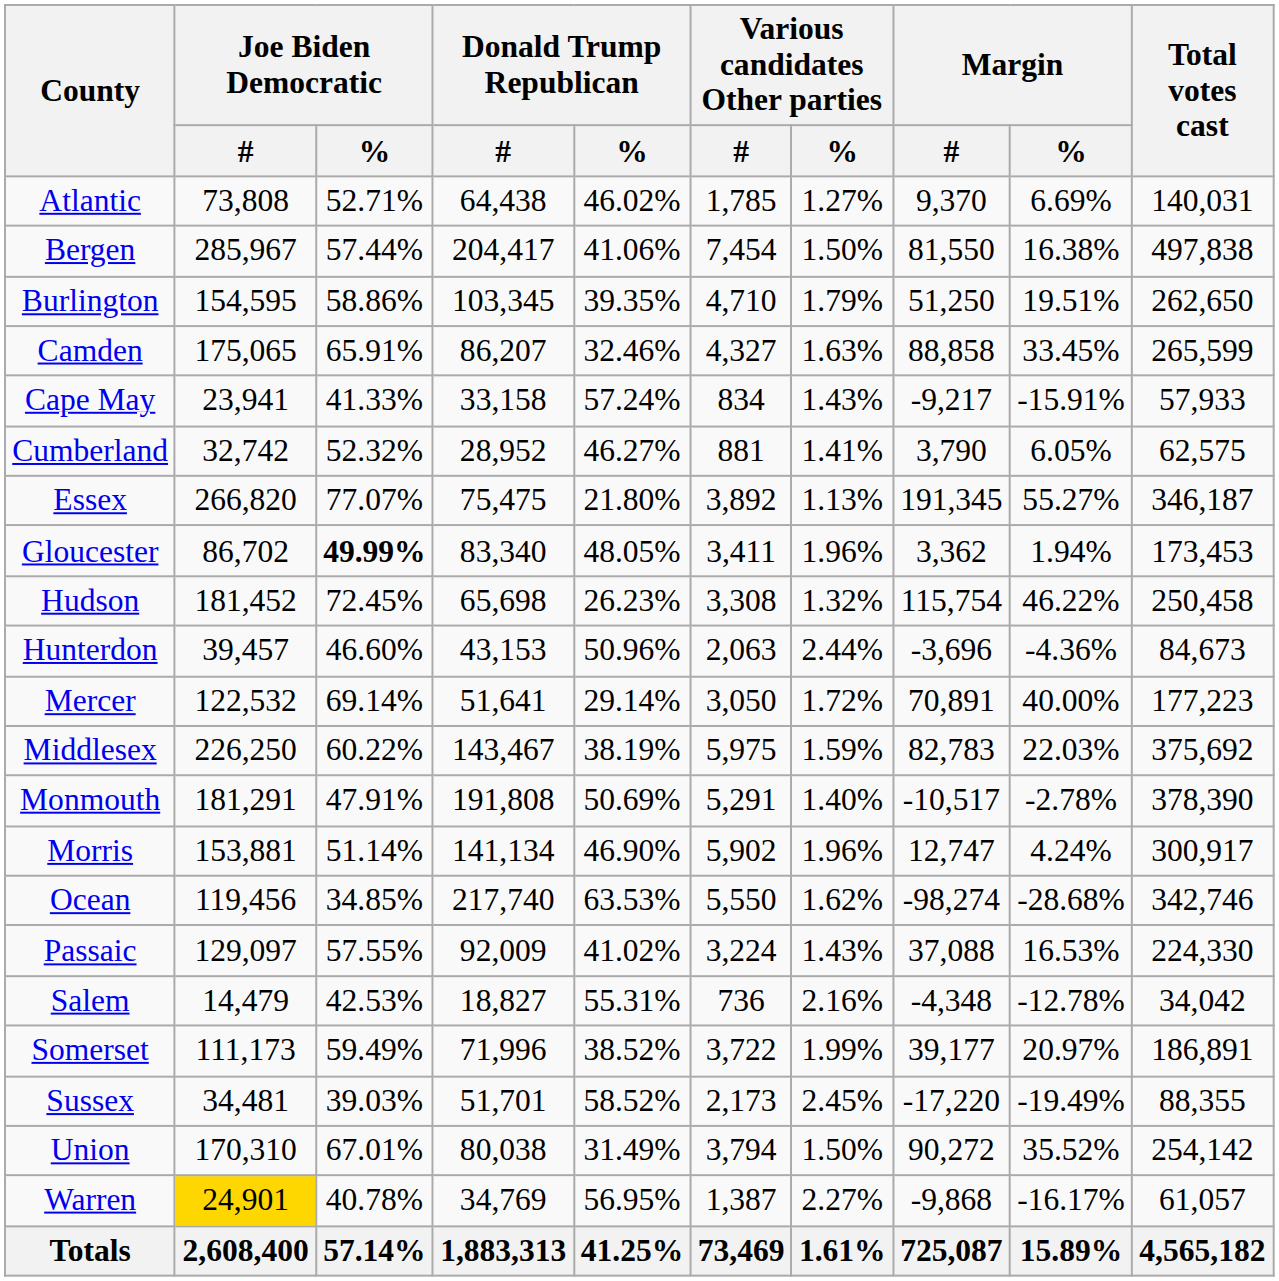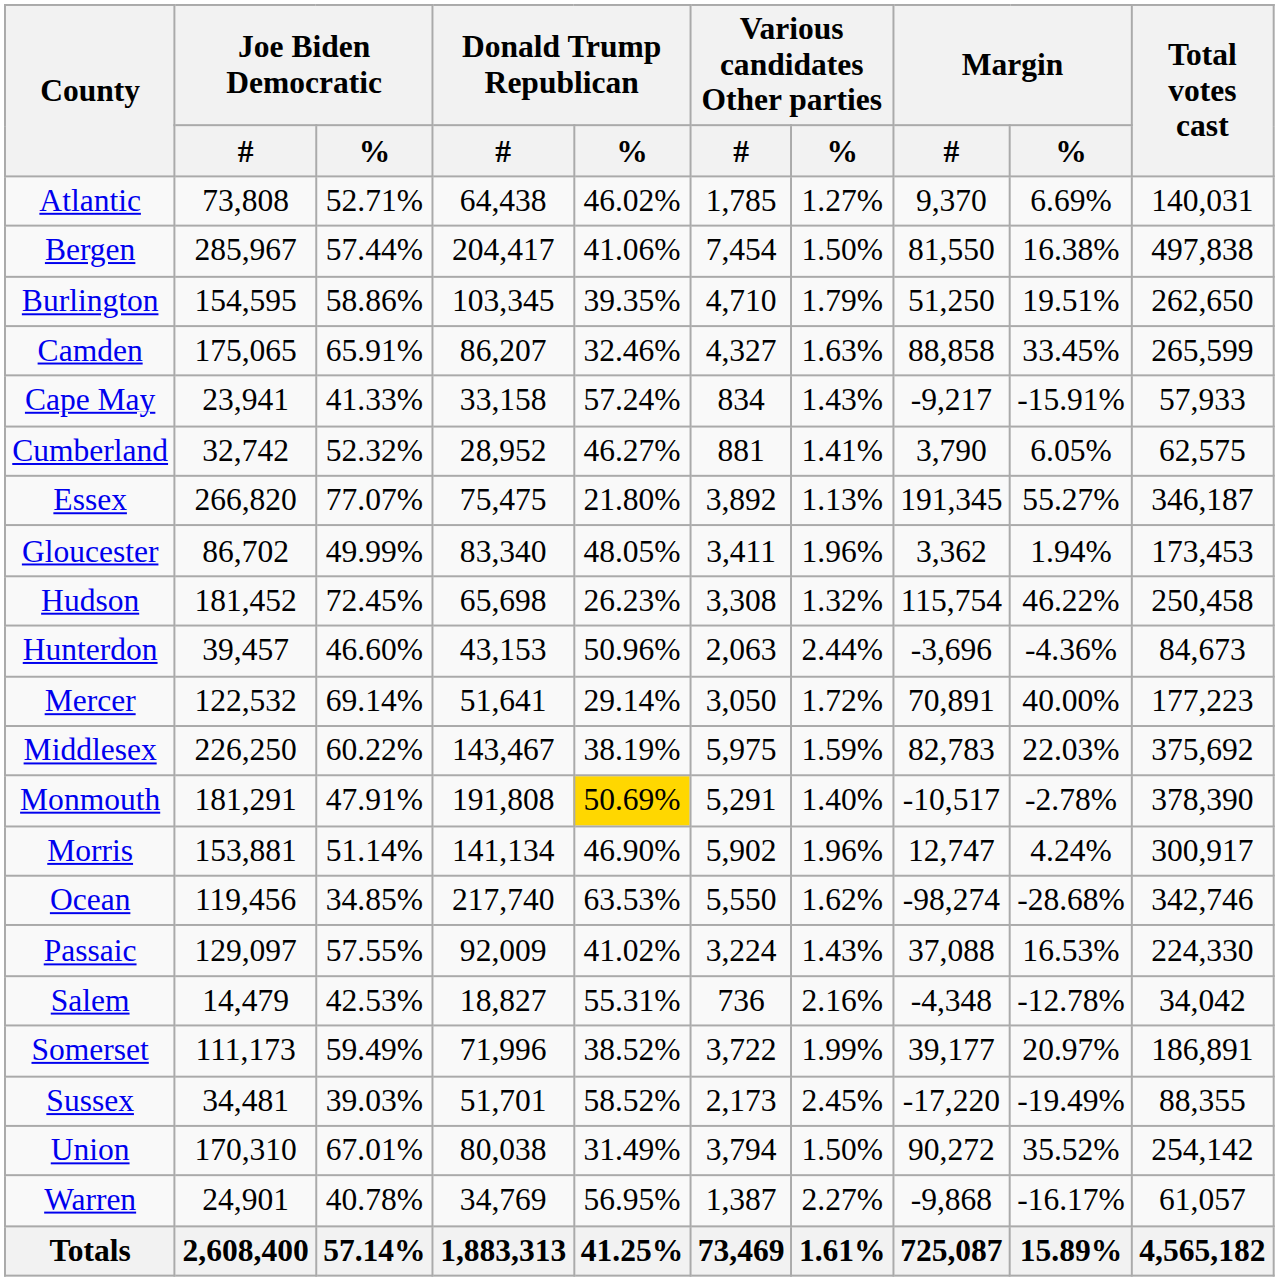 <table width="60%"  class="wikitable sortable" style="text-align:center">
 <tr>
 <th style="text-align:center;" rowspan="2">County</th>
 <th style="text-align:center;" colspan="2">Joe Biden<br>Democratic</th>
 <th style="text-align:center;" colspan="2">Donald Trump<br>Republican</th>
 <th style="text-align:center;" colspan="2">Various candidates<br>Other parties</th>
 <th style="text-align:center;" colspan="2">Margin</th>
 <th style="text-align:center;" rowspan="2">Total votes cast</th>
 </tr>
 <tr>
 <th style="text-align:center;" data-sort-type="number">#</th>
 <th style="text-align:center;" data-sort-type="number">%</th>
 <th style="text-align:center;" data-sort-type="number">#</th>
 <th style="text-align:center;" data-sort-type="number">%</th>
 <th style="text-align:center;" data-sort-type="number">#</th>
 <th style="text-align:center;" data-sort-type="number">%</th>
 <th style="text-align:center;" data-sort-type="number">#</th>
 <th style="text-align:center;" data-sort-type="number">%</th>
 </tr>
 <tr style="text-align:center;">
 <td><a href='#'>Atlantic</a></td>
 <td>73,808</td>
 <td>52.71%</td>
 <td>64,438</td>
 <td>46.02%</td>
 <td>1,785</td>
 <td>1.27%</td>
 <td>9,370</td>
 <td>6.69%</td>
 <td>140,031</td>
 </tr>
 <tr style="text-align:center;">
 <td><a href='#'>Bergen</a></td>
 <td>285,967</td>
 <td>57.44%</td>
 <td>204,417</td>
 <td>41.06%</td>
 <td>7,454</td>
 <td>1.50%</td>
 <td>81,550</td>
 <td>16.38%</td>
 <td>497,838</td>
 </tr>
 <tr style="text-align:center;">
 <td><a href='#'>Burlington</a></td>
 <td>154,595</td>
 <td>58.86%</td>
 <td>103,345</td>
 <td>39.35%</td>
 <td>4,710</td>
 <td>1.79%</td>
 <td>51,250</td>
 <td>19.51%</td>
 <td>262,650</td>
 </tr>
 <tr style="text-align:center;">
 <td><a href='#'>Camden</a></td>
 <td>175,065</td>
 <td>65.91%</td>
 <td>86,207</td>
 <td>32.46%</td>
 <td>4,327</td>
 <td>1.63%</td>
 <td>88,858</td>
 <td>33.45%</td>
 <td>265,599</td>
 </tr>
 <tr style="text-align:center;">
 <td><a href='#'>Cape May</a></td>
 <td>23,941</td>
 <td>41.33%</td>
 <td>33,158</td>
 <td>57.24%</td>
 <td>834</td>
 <td>1.43%</td>
 <td>-9,217</td>
 <td>-15.91%</td>
 <td>57,933</td>
 </tr>
 <tr style="text-align:center;">
 <td><a href='#'>Cumberland</a></td>
 <td>32,742</td>
 <td>52.32%</td>
 <td>28,952</td>
 <td>46.27%</td>
 <td>881</td>
 <td>1.41%</td>
 <td>3,790</td>
 <td>6.05%</td>
 <td>62,575</td>
 </tr>
 <tr style="text-align:center;">
 <td><a href='#'>Essex</a></td>
 <td>266,820</td>
 <td>77.07%</td>
 <td>75,475</td>
 <td>21.80%</td>
 <td>3,892</td>
 <td>1.13%</td>
 <td>191,345</td>
 <td>55.27%</td>
 <td>346,187</td>
 </tr>
 <tr style="text-align:center;">
 <td><a href='#'>Gloucester</a></td>
 <td>86,702</td>
-<td><strong>49.99%</strong></td>
+<td>49.99%</td>
 <td>83,340</td>
 <td>48.05%</td>
 <td>3,411</td>
 <td>1.96%</td>
 <td>3,362</td>
 <td>1.94%</td>
 <td>173,453</td>
 </tr>
 <tr style="text-align:center;">
 <td><a href='#'>Hudson</a></td>
 <td>181,452</td>
 <td>72.45%</td>
 <td>65,698</td>
 <td>26.23%</td>
 <td>3,308</td>
 <td>1.32%</td>
 <td>115,754</td>
 <td>46.22%</td>
 <td>250,458</td>
 </tr>
 <tr style="text-align:center;">
 <td><a href='#'>Hunterdon</a></td>
 <td>39,457</td>
 <td>46.60%</td>
 <td>43,153</td>
 <td>50.96%</td>
 <td>2,063</td>
 <td>2.44%</td>
 <td>-3,696</td>
 <td>-4.36%</td>
 <td>84,673</td>
 </tr>
 <tr style="text-align:center;">
 <td><a href='#'>Mercer</a></td>
 <td>122,532</td>
 <td>69.14%</td>
 <td>51,641</td>
 <td>29.14%</td>
 <td>3,050</td>
 <td>1.72%</td>
 <td>70,891</td>
 <td>40.00%</td>
 <td>177,223</td>
 </tr>
 <tr style="text-align:center;">
 <td><a href='#'>Middlesex</a></td>
 <td>226,250</td>
 <td>60.22%</td>
 <td>143,467</td>
 <td>38.19%</td>
 <td>5,975</td>
 <td>1.59%</td>
 <td>82,783</td>
 <td>22.03%</td>
 <td>375,692</td>
 </tr>
 <tr style="text-align:center;">
 <td><a href='#'>Monmouth</a></td>
 <td>181,291</td>
 <td>47.91%</td>
 <td>191,808</td>
-<td>50.69%</td>
+<td style="background: gold;">50.69%</td>
 <td>5,291</td>
 <td>1.40%</td>
 <td>-10,517</td>
 <td>-2.78%</td>
 <td>378,390</td>
 </tr>
 <tr style="text-align:center;">
 <td><a href='#'>Morris</a></td>
 <td>153,881</td>
 <td>51.14%</td>
 <td>141,134</td>
 <td>46.90%</td>
 <td>5,902</td>
 <td>1.96%</td>
 <td>12,747</td>
 <td>4.24%</td>
 <td>300,917</td>
 </tr>
 <tr style="text-align:center;">
 <td><a href='#'>Ocean</a></td>
 <td>119,456</td>
 <td>34.85%</td>
 <td>217,740</td>
 <td>63.53%</td>
 <td>5,550</td>
 <td>1.62%</td>
 <td>-98,274</td>
 <td>-28.68%</td>
 <td>342,746</td>
 </tr>
 <tr style="text-align:center;">
 <td><a href='#'>Passaic</a></td>
 <td>129,097</td>
 <td>57.55%</td>
 <td>92,009</td>
 <td>41.02%</td>
 <td>3,224</td>
 <td>1.43%</td>
 <td>37,088</td>
 <td>16.53%</td>
 <td>224,330</td>
 </tr>
 <tr style="text-align:center;">
 <td><a href='#'>Salem</a></td>
 <td>14,479</td>
 <td>42.53%</td>
 <td>18,827</td>
 <td>55.31%</td>
 <td>736</td>
 <td>2.16%</td>
 <td>-4,348</td>
 <td>-12.78%</td>
 <td>34,042</td>
 </tr>
 <tr style="text-align:center;">
 <td><a href='#'>Somerset</a></td>
 <td>111,173</td>
 <td>59.49%</td>
 <td>71,996</td>
 <td>38.52%</td>
 <td>3,722</td>
 <td>1.99%</td>
 <td>39,177</td>
 <td>20.97%</td>
 <td>186,891</td>
 </tr>
 <tr style="text-align:center;">
 <td><a href='#'>Sussex</a></td>
 <td>34,481</td>
 <td>39.03%</td>
 <td>51,701</td>
 <td>58.52%</td>
 <td>2,173</td>
 <td>2.45%</td>
 <td>-17,220</td>
 <td>-19.49%</td>
 <td>88,355</td>
 </tr>
 <tr style="text-align:center;">
 <td><a href='#'>Union</a></td>
 <td>170,310</td>
 <td>67.01%</td>
 <td>80,038</td>
 <td>31.49%</td>
 <td>3,794</td>
 <td>1.50%</td>
 <td>90,272</td>
 <td>35.52%</td>
 <td>254,142</td>
 </tr>
 <tr style="text-align:center;">
 <td><a href='#'>Warren</a></td>
-<td style="background: gold;">24,901</td>
+<td>24,901</td>
 <td>40.78%</td>
 <td>34,769</td>
 <td>56.95%</td>
 <td>1,387</td>
 <td>2.27%</td>
 <td>-9,868</td>
 <td>-16.17%</td>
 <td>61,057</td>
 </tr>
 <tr>
 <th>Totals</th>
 <th>2,608,400</th>
 <th>57.14%</th>
 <th>1,883,313</th>
 <th>41.25%</th>
 <th>73,469</th>
 <th>1.61%</th>
 <th>725,087</th>
 <th>15.89%</th>
 <th>4,565,182</th>
 </tr>
 </table>
